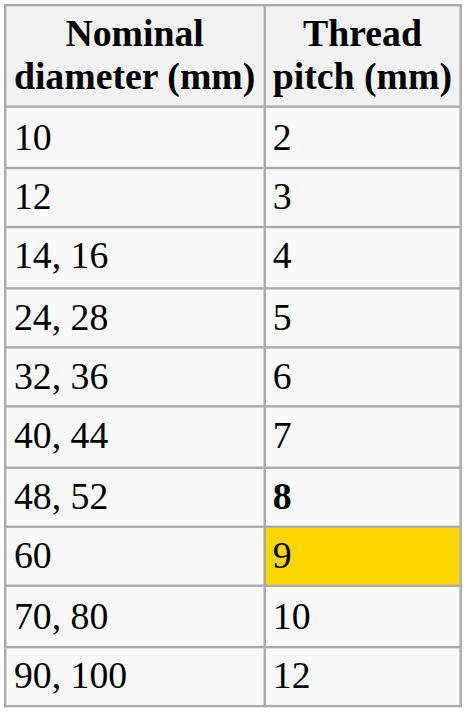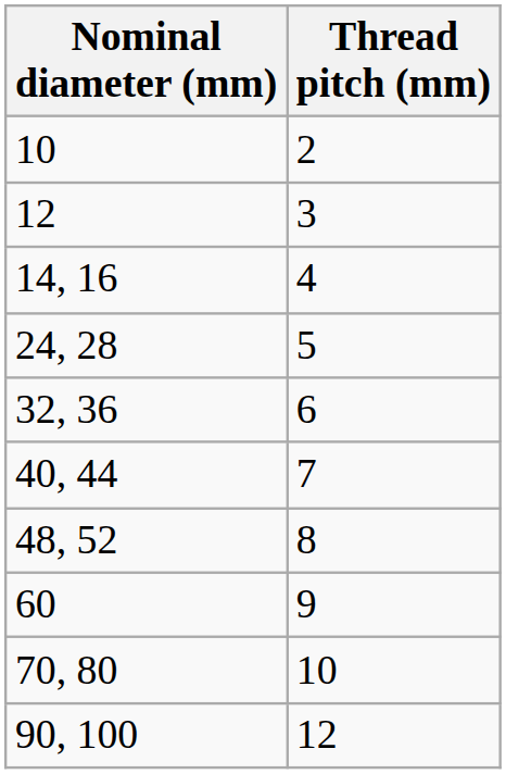 <table class="wikitable">
 <tr>
 <th>Nominal <br>diameter (mm)</th>
 <th>Thread <br>pitch (mm)</th>
 </tr>
 <tr>
 <td>10</td>
 <td>2</td>
 </tr>
 <tr>
 <td>12</td>
 <td>3</td>
 </tr>
 <tr>
 <td>14, 16</td>
 <td>4</td>
 </tr>
 <tr>
 <td>24, 28</td>
 <td>5</td>
 </tr>
 <tr>
 <td>32, 36</td>
 <td>6</td>
 </tr>
 <tr>
 <td>40, 44</td>
 <td>7</td>
 </tr>
 <tr>
 <td>48, 52</td>
-<td><strong>8</strong></td>
+<td>8</td>
 </tr>
 <tr>
 <td>60</td>
-<td style="background: gold;">9</td>
+<td>9</td>
 </tr>
 <tr>
 <td>70, 80</td>
 <td>10</td>
 </tr>
 <tr>
 <td>90, 100</td>
 <td>12</td>
 </tr>
 </table>
